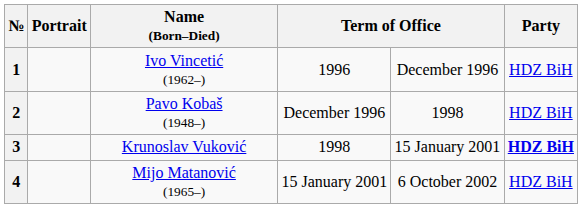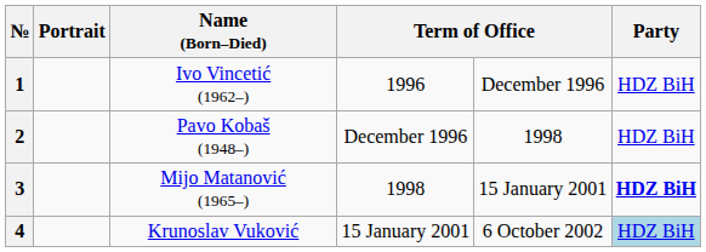 <table class="wikitable" style="text-align:center">
 <tr ->
 <th>№</th>
 <th>Portrait</th>
 <th width=180>Name<br><small>(Born–Died)</small></th>
 <th colspan=2>Term of Office</th>
 <th>Party</th>
 </tr>
 <tr ->
 <th style="background:">1</th>
 <td></td>
 <td><a href='#'>Ivo Vincetić</a><br><small>(1962–)</small></td>
 <td>1996</td>
 <td>December 1996</td>
 <td><a href='#'>HDZ BiH</a></td>
 </tr>
 <tr ->
 <th style="background:">2</th>
 <td></td>
 <td><a href='#'>Pavo Kobaš</a><br><small>(1948–)</small></td>
 <td>December 1996</td>
 <td>1998</td>
 <td><a href='#'>HDZ BiH</a></td>
 </tr>
 <tr ->
 <th style="background:">3</th>
 <td></td>
-<td><a href='#'>Krunoslav Vuković</a></td>
+<td><a href='#'>Mijo Matanović</a><br><small>(1965–)</small></td>
 <td>1998</td>
 <td>15 January 2001</td>
 <td><strong><a href='#'>HDZ BiH</a></strong></td>
 </tr>
 <tr ->
 <th style="background:">4</th>
 <td></td>
-<td><a href='#'>Mijo Matanović</a><br><small>(1965–)</small></td>
+<td><a href='#'>Krunoslav Vuković</a></td>
 <td>15 January 2001</td>
 <td>6 October 2002</td>
-<td><a href='#'>HDZ BiH</a></td>
+<td style="background: lightblue;"><a href='#'>HDZ BiH</a></td>
 </tr>
 <tr ->
 </tr>
 </table>
